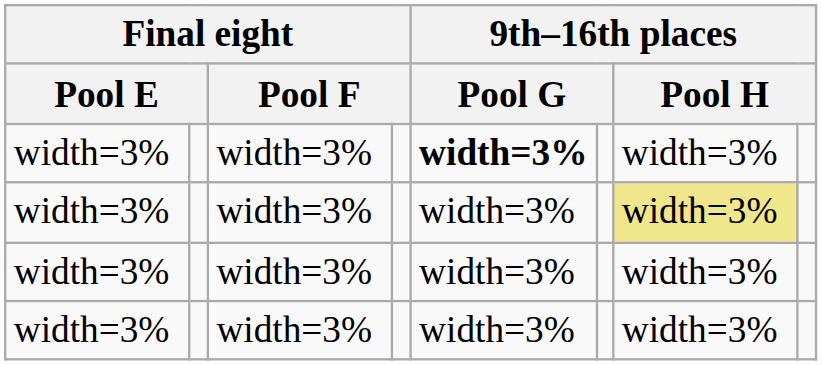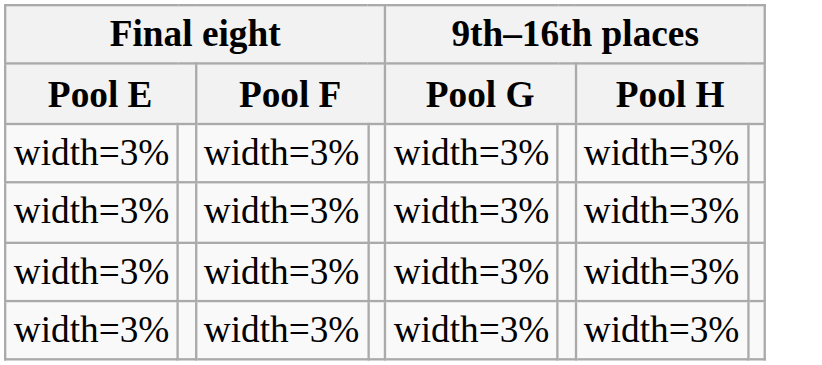 <table class="wikitable">
 <tr>
 <th width=50% colspan=4>Final eight</th>
 <th width=50% colspan=4>9th–16th places</th>
 </tr>
 <tr>
 <th width=25% colspan=2>Pool E</th>
 <th width=25% colspan=2>Pool F</th>
 <th width=25% colspan=2>Pool G</th>
 <th width=25% colspan=2>Pool H</th>
 </tr>
 <tr>
 <td>width=3% </td>
 <td></td>
 <td>width=3% </td>
 <td></td>
-<td><strong>width=3% </strong></td>
+<td>width=3% </td>
 <td></td>
 <td>width=3% </td>
 <td></td>
 </tr>
 <tr>
 <td>width=3% </td>
 <td></td>
 <td>width=3% </td>
 <td></td>
 <td>width=3% </td>
 <td></td>
-<td style="background: khaki;">width=3% </td>
+<td>width=3% </td>
 <td></td>
 </tr>
 <tr>
 <td>width=3% </td>
 <td></td>
 <td>width=3% </td>
 <td></td>
 <td>width=3% </td>
 <td></td>
 <td>width=3% </td>
 <td></td>
 </tr>
 <tr>
 <td>width=3% </td>
 <td></td>
 <td>width=3% </td>
 <td></td>
 <td>width=3% </td>
 <td></td>
 <td>width=3% </td>
 <td></td>
 </tr>
 </table>
